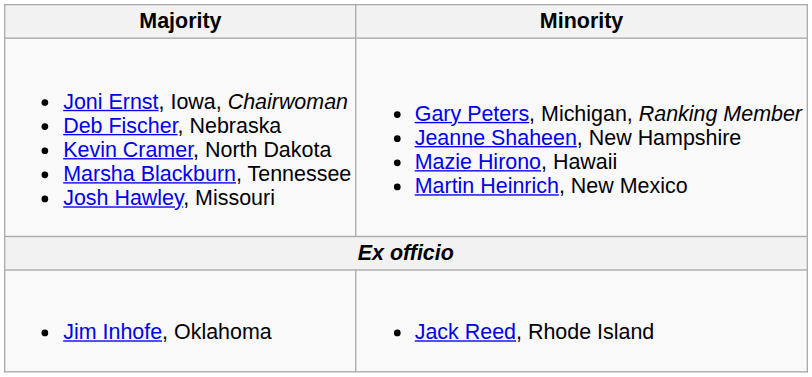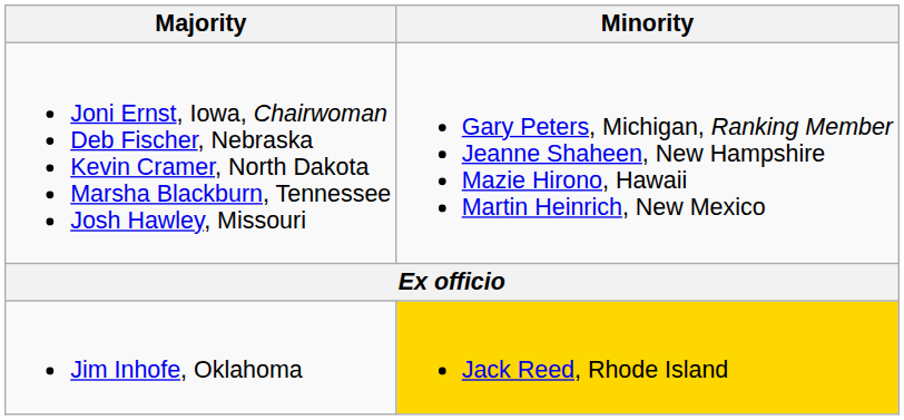 <table class=wikitable>
 <tr>
 <th>Majority</th>
 <th>Minority</th>
 </tr>
 <tr>
 <td><br><ul><li><a href='#'>Joni Ernst</a>, Iowa, <em>Chairwoman</em></li><li><a href='#'>Deb Fischer</a>, Nebraska</li><li><a href='#'>Kevin Cramer</a>, North Dakota</li><li><a href='#'>Marsha Blackburn</a>, Tennessee</li><li><a href='#'>Josh Hawley</a>, Missouri</li></ul></td>
 <td><br><ul><li><a href='#'>Gary Peters</a>, Michigan, <em>Ranking Member</em></li><li><a href='#'>Jeanne Shaheen</a>, New Hampshire</li><li><a href='#'>Mazie Hirono</a>, Hawaii</li><li><a href='#'>Martin Heinrich</a>, New Mexico</li></ul></td>
 </tr>
 <tr>
 <th colspan=2><em>Ex officio</em></th>
 </tr>
 <tr>
 <td><br><ul><li><a href='#'>Jim Inhofe</a>, Oklahoma</li></ul></td>
-<td><br><ul><li><a href='#'>Jack Reed</a>, Rhode Island</li></ul></td>
+<td style="background: gold;"><br><ul><li><a href='#'>Jack Reed</a>, Rhode Island</li></ul></td>
 </tr>
 </table>
